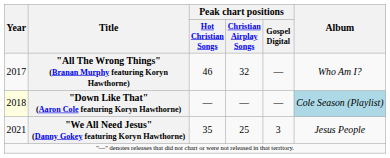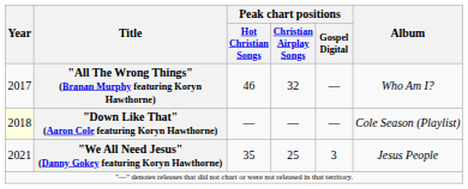 <table class="wikitable plainrowheaders" style="text-align:center;">
 <tr>
 <th rowspan="2">Year</th>
 <th rowspan="2" style="width:16em;">Title</th>
 <th colspan="3">Peak chart positions</th>
 <th rowspan="2">Album</th>
 </tr>
 <tr style="font-size:smaller;">
 <th width="45"><a href='#'>Hot Christian Songs</a></th>
 <th width="45"><a href='#'>Christian Airplay Songs</a></th>
 <th width="45">Gospel Digital</th>
 </tr>
 <tr>
 <td rowspan="1">2017</td>
 <th scope="row">"All The Wrong Things"<br><small>(<a href='#'>Branan Murphy</a> featuring Koryn Hawthorne)</small></th>
 <td>46</td>
 <td>32</td>
 <td>—</td>
 <td rowspan="1"><em>Who Am I?</em></td>
 </tr>
 <tr>
 <td rowspan="1" style="background: lightyellow;">2018</td>
 <th scope="row">"Down Like That"<br><small>(<a href='#'>Aaron Cole</a> featuring Koryn Hawthorne)</small></th>
 <td>—</td>
 <td>—</td>
 <td>—</td>
-<td rowspan="1" style="background: lightblue;"><em>Cole Season (Playlist)</em></td>
+<td rowspan="1"><em>Cole Season (Playlist)</em></td>
 </tr>
 <tr>
 <td rowspan="1">2021</td>
 <th scope="row">"We All Need Jesus"<br><small>(<a href='#'>Danny Gokey</a> featuring Koryn Hawthorne)</small></th>
 <td>35</td>
 <td>25</td>
 <td>3</td>
 <td rowspan="1"><em>Jesus People</em></td>
 </tr>
 <tr>
 <td align="center" colspan="14" style="font-size:8pt">"—" denotes releases that did not chart or were not released in that territory.</td>
 </tr>
 </table>
